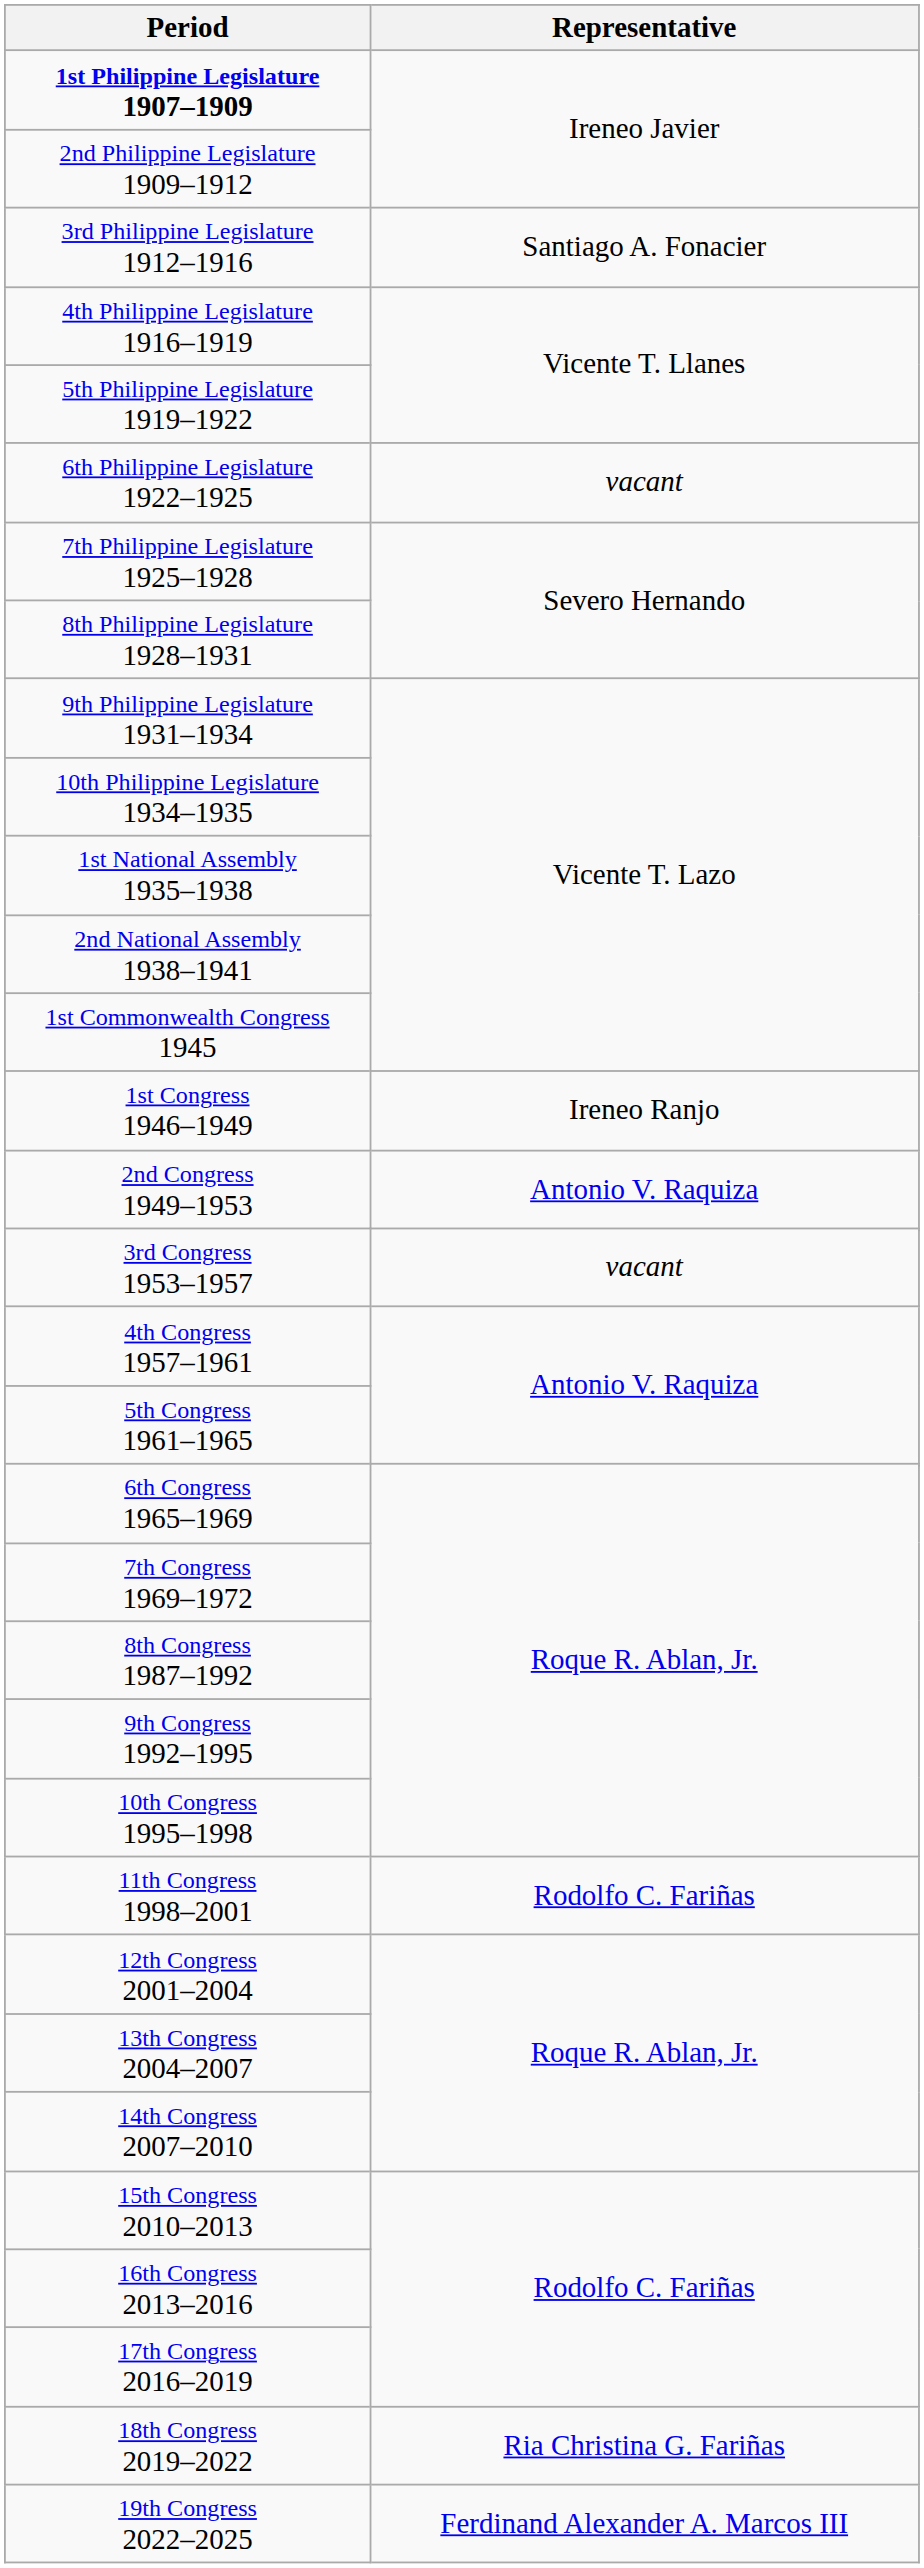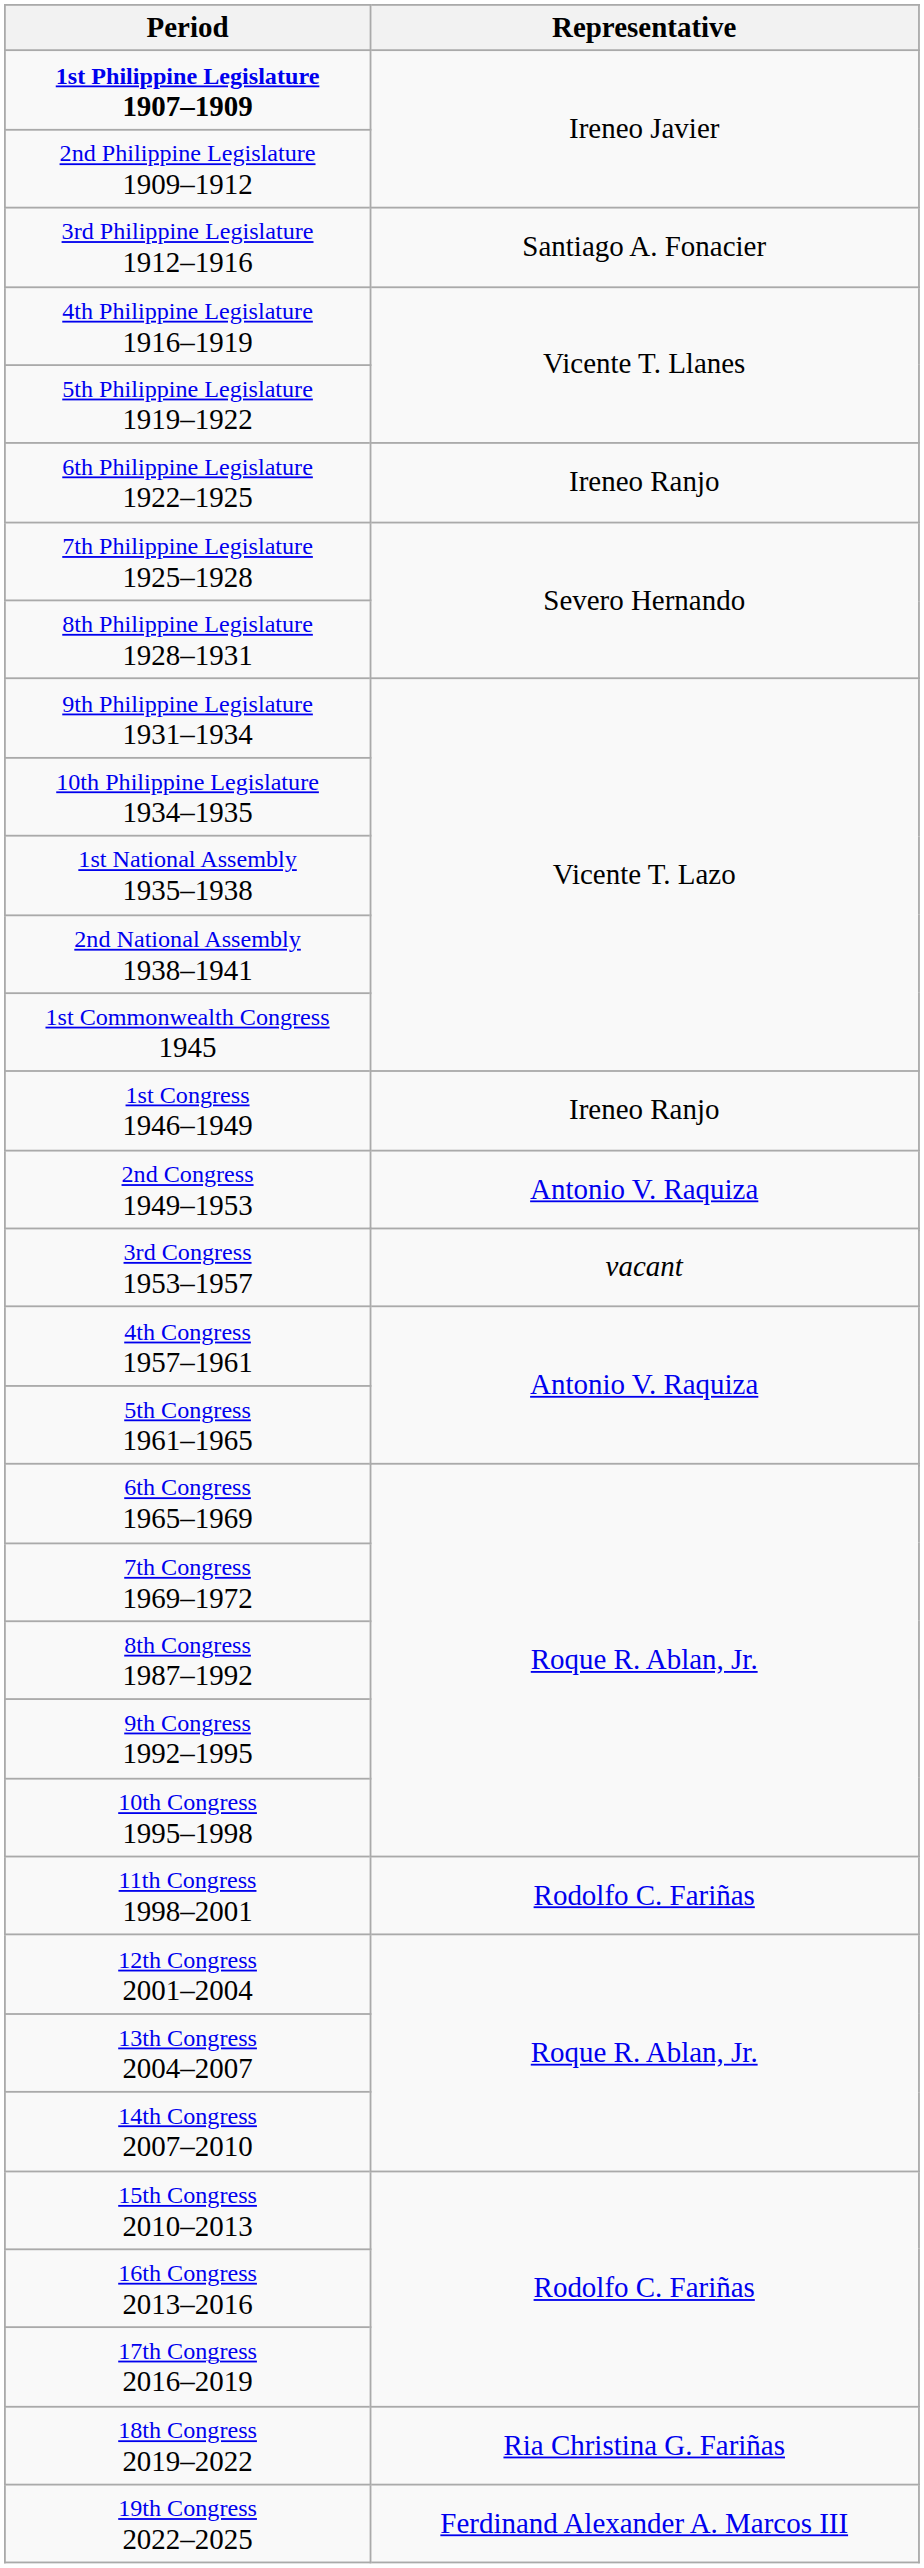 <table class="wikitable" style="text-align:center; width:40%;">
 <tr>
 <th width="40%">Period</th>
 <th>Representative</th>
 </tr>
 <tr>
 <td><strong><small><a href='#'>1st Philippine Legislature</a></small><br>1907–1909</strong></td>
 <td rowspan="2">Ireneo Javier</td>
 </tr>
 <tr>
 <td><small><a href='#'>2nd Philippine Legislature</a></small><br>1909–1912</td>
 </tr>
 <tr>
 <td><small><a href='#'>3rd Philippine Legislature</a></small><br>1912–1916</td>
 <td>Santiago A. Fonacier</td>
 </tr>
 <tr>
 <td><small><a href='#'>4th Philippine Legislature</a></small><br>1916–1919</td>
 <td rowspan="2">Vicente T. Llanes</td>
 </tr>
 <tr>
 <td><small><a href='#'>5th Philippine Legislature</a></small><br>1919–1922</td>
 </tr>
 <tr>
 <td><small><a href='#'>6th Philippine Legislature</a></small><br>1922–1925</td>
-<td><em>vacant</em></td>
+<td>Ireneo Ranjo</td>
 </tr>
 <tr>
 <td><small><a href='#'>7th Philippine Legislature</a></small><br>1925–1928</td>
 <td rowspan="2">Severo Hernando</td>
 </tr>
 <tr>
 <td><small><a href='#'>8th Philippine Legislature</a></small><br>1928–1931</td>
 </tr>
 <tr>
 <td><small><a href='#'>9th Philippine Legislature</a></small><br>1931–1934</td>
 <td rowspan="5">Vicente T. Lazo</td>
 </tr>
 <tr>
 <td><small><a href='#'>10th Philippine Legislature</a></small><br>1934–1935</td>
 </tr>
 <tr>
 <td><small><a href='#'>1st National Assembly</a></small><br>1935–1938</td>
 </tr>
 <tr>
 <td><small><a href='#'>2nd National Assembly</a></small><br>1938–1941</td>
 </tr>
 <tr>
 <td><small><a href='#'>1st Commonwealth Congress</a></small><br>1945</td>
 </tr>
 <tr>
 <td><small><a href='#'>1st Congress</a></small><br>1946–1949</td>
 <td>Ireneo Ranjo</td>
 </tr>
 <tr>
 <td><small><a href='#'>2nd Congress</a></small><br>1949–1953</td>
 <td rowspan="2"><a href='#'>Antonio V. Raquiza</a></td>
 </tr>
 <tr>
 <td rowspan="2"><small><a href='#'>3rd Congress</a></small><br>1953–1957</td>
 </tr>
 <tr>
 <td><em>vacant</em></td>
 </tr>
 <tr>
 <td><small><a href='#'>4th Congress</a></small><br>1957–1961</td>
 <td rowspan="3"><a href='#'>Antonio V. Raquiza</a></td>
 </tr>
 <tr>
 <td><small><a href='#'>5th Congress</a></small><br>1961–1965</td>
 </tr>
 <tr>
 <td rowspan="2"><small><a href='#'>6th Congress</a></small><br>1965–1969</td>
 </tr>
 <tr>
 <td rowspan="5"><a href='#'>Roque R. Ablan, Jr.</a></td>
 </tr>
 <tr>
 <td><small><a href='#'>7th Congress</a></small><br>1969–1972</td>
 </tr>
 <tr>
 <td><small><a href='#'>8th Congress</a></small><br>1987–1992</td>
 </tr>
 <tr>
 <td><small><a href='#'>9th Congress</a></small><br>1992–1995</td>
 </tr>
 <tr>
 <td><small><a href='#'>10th Congress</a></small><br>1995–1998</td>
 </tr>
 <tr>
 <td><small><a href='#'>11th Congress</a></small><br>1998–2001</td>
 <td><a href='#'>Rodolfo C. Fariñas</a></td>
 </tr>
 <tr>
 <td><small><a href='#'>12th Congress</a></small><br>2001–2004</td>
 <td rowspan="3"><a href='#'>Roque R. Ablan, Jr.</a></td>
 </tr>
 <tr>
 <td><small><a href='#'>13th Congress</a></small><br>2004–2007</td>
 </tr>
 <tr>
 <td><small><a href='#'>14th Congress</a></small><br>2007–2010</td>
 </tr>
 <tr>
 <td><small><a href='#'>15th Congress</a></small><br>2010–2013</td>
 <td rowspan="3"><a href='#'>Rodolfo C. Fariñas</a></td>
 </tr>
 <tr>
 <td><small><a href='#'>16th Congress</a></small><br>2013–2016</td>
 </tr>
 <tr>
 <td><small><a href='#'>17th Congress</a></small><br>2016–2019</td>
 </tr>
 <tr>
 <td><small><a href='#'>18th Congress</a></small><br>2019–2022</td>
 <td><a href='#'>Ria Christina G. Fariñas</a></td>
 </tr>
 <tr>
 <td><small><a href='#'>19th Congress</a></small><br>2022–2025</td>
 <td><a href='#'>Ferdinand Alexander A. Marcos III</a></td>
 </tr>
 </table>
